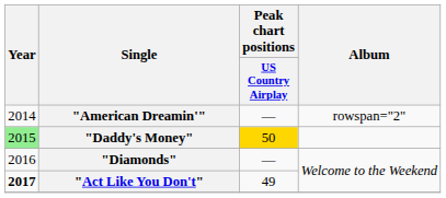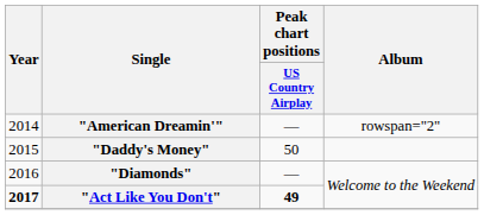 <table class="wikitable plainrowheaders" style="text-align:center;">
 <tr>
 <th rowspan="2" style="width:1em;">Year</th>
 <th rowspan="2" style="width:14em;">Single</th>
 <th>Peak chart<br>positions</th>
 <th rowspan="2">Album</th>
 </tr>
 <tr style="font-size:smaller;">
 <th style="width:3.5em;"><a href='#'>US Country Airplay</a><br></th>
 </tr>
 <tr>
 <td>2014</td>
 <th scope="row">"American Dreamin'"</th>
 <td>—</td>
 <td>rowspan="2" </td>
 </tr>
 <tr>
-<td style="background: lightgreen;">2015</td>
+<td>2015</td>
 <th scope="row">"Daddy's Money"</th>
-<td style="background: gold;">50</td>
+<td>50</td>
 </tr>
 <tr>
 <td>2016</td>
 <th scope="row">"Diamonds"</th>
 <td>—</td>
 <td rowspan="2"><em>Welcome to the Weekend</em></td>
 </tr>
 <tr>
 <td><strong>2017</strong></td>
 <th scope="row">"<a href='#'>Act Like You Don't</a>"</th>
-<td>49</td>
+<td><strong>49</strong></td>
 </tr>
 <tr>
 </tr>
 </table>
